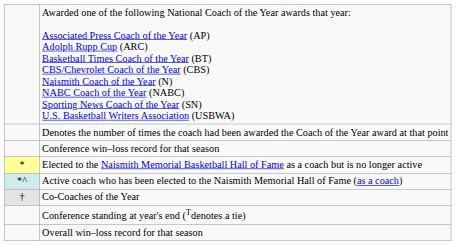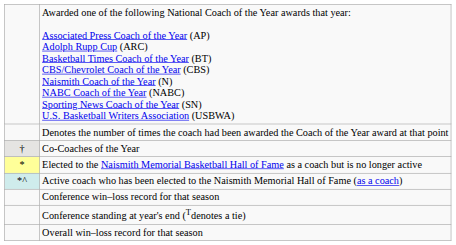 <table class="wikitable">
 <tr>
 <td></td>
 <td>Awarded one of the following National Coach of the Year awards that year:<br><br><a href='#'>Associated Press Coach of the Year</a> (AP)<br> <a href='#'>Adolph Rupp Cup</a> (ARC)<br> <a href='#'>Basketball Times Coach of the Year</a> (BT)<br> <a href='#'>CBS/Chevrolet Coach of the Year</a> (CBS)<br> <a href='#'>Naismith Coach of the Year</a> (N)<br> <a href='#'>NABC Coach of the Year</a> (NABC)<br> <a href='#'>Sporting News Coach of the Year</a> (SN)<br> <a href='#'>U.S. Basketball Writers Association</a> (USBWA)</td>
 </tr>
 <tr>
 <td></td>
 <td>Denotes the number of times the coach had been awarded the Coach of the Year award at that point</td>
 </tr>
 <tr>
-<td></td>
-<td>Conference win–loss record for that season</td>
+<td style="background-color:#E5E4E2; text-align:center;">†</td>
+<td>Co-Coaches of the Year</td>
 </tr>
 <tr>
 <td style="background-color:#FFFF99; width:3em; text-align:center;">*</td>
 <td>Elected to the <a href='#'>Naismith Memorial Basketball Hall of Fame</a> as a coach but is no longer active</td>
 </tr>
 <tr>
 <td style="background-color:#CFECEC; width:3em; text-align:center;">*^</td>
 <td>Active coach who has been elected to the Naismith Memorial Hall of Fame (<a href='#'>as a coach</a>)</td>
 </tr>
 <tr>
-<td style="background-color:#E5E4E2; text-align:center;">†</td>
-<td>Co-Coaches of the Year</td>
+<td></td>
+<td>Conference win–loss record for that season</td>
 </tr>
 <tr>
 <td></td>
 <td>Conference standing at year's end (<sup>T</sup>denotes a tie)</td>
 </tr>
 <tr>
 <td></td>
 <td>Overall win–loss record for that season</td>
 </tr>
 </table>
